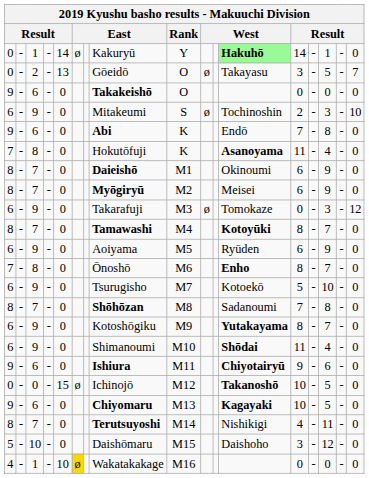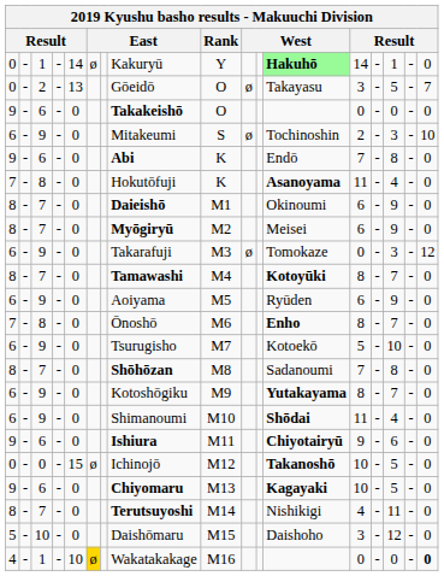 <table class="wikitable">
 <tr>
 <th colspan="17">2019 Kyushu basho results  - Makuuchi Division</th>
 </tr>
 <tr>
 <th colspan="5">Result</th>
 <th colspan="3">East</th>
 <th>Rank</th>
 <th colspan="3">West</th>
 <th colspan="5">Result</th>
 </tr>
 <tr>
 <td align=center>0</td>
 <td align=center>-</td>
 <td align=center>1</td>
 <td align=center>-</td>
 <td align=center>14</td>
 <td align=center>ø</td>
 <td align=center></td>
 <td>Kakuryū</td>
 <td align=center>Y</td>
 <td align=center></td>
 <td align=center></td>
 <td style="background: PaleGreen;"><strong>Hakuhō</strong></td>
 <td align=center>14</td>
 <td align=center>-</td>
 <td align=center>1</td>
 <td align=center>-</td>
 <td align=center>0</td>
 </tr>
 <tr>
 <td align=center>0</td>
 <td align=center>-</td>
 <td align=center>2</td>
 <td align=center>-</td>
 <td align=center>13</td>
 <td align=center></td>
 <td align=center></td>
 <td>Gōeidō</td>
 <td align=center>O</td>
 <td align=center>ø</td>
 <td align=center></td>
 <td>Takayasu</td>
 <td align=center>3</td>
 <td align=center>-</td>
 <td align=center>5</td>
 <td align=center>-</td>
 <td align=center>7</td>
 </tr>
 <tr>
 <td align=center>9</td>
 <td align=center>-</td>
 <td align=center>6</td>
 <td align=center>-</td>
 <td align=center>0</td>
 <td align=center></td>
 <td align=center></td>
 <td><strong>Takakeishō</strong></td>
 <td align=center>O</td>
 <td align=center></td>
 <td align=center></td>
 <td></td>
 <td align=center>0</td>
 <td align=center>-</td>
 <td align=center>0</td>
 <td align=center>-</td>
 <td align=center>0</td>
 </tr>
 <tr>
 <td align=center>6</td>
 <td align=center>-</td>
 <td align=center>9</td>
 <td align=center>-</td>
 <td align=center>0</td>
 <td align=center></td>
 <td align=center></td>
 <td>Mitakeumi</td>
 <td align=center>S</td>
 <td align=center>ø</td>
 <td align=center></td>
 <td>Tochinoshin</td>
 <td align=center>2</td>
 <td align=center>-</td>
 <td align=center>3</td>
 <td align=center>-</td>
 <td align=center>10</td>
 </tr>
 <tr>
 <td align=center>9</td>
 <td align=center>-</td>
 <td align=center>6</td>
 <td align=center>-</td>
 <td align=center>0</td>
 <td align=center></td>
 <td align=center></td>
 <td><strong>Abi</strong></td>
 <td align=center>K</td>
 <td align=center></td>
 <td align=center></td>
 <td>Endō</td>
 <td align=center>7</td>
 <td align=center>-</td>
 <td align=center>8</td>
 <td align=center>-</td>
 <td align=center>0</td>
 </tr>
 <tr>
 <td align=center>7</td>
 <td align=center>-</td>
 <td align=center>8</td>
 <td align=center>-</td>
 <td align=center>0</td>
 <td align=center></td>
 <td align=center></td>
 <td>Hokutōfuji</td>
 <td align=center>K</td>
 <td align=center></td>
 <td align=center></td>
 <td><strong>Asanoyama</strong></td>
 <td align=center>11</td>
 <td align=center>-</td>
 <td align=center>4</td>
 <td align=center>-</td>
 <td align=center>0</td>
 </tr>
 <tr>
 <td align=center>8</td>
 <td align=center>-</td>
 <td align=center>7</td>
 <td align=center>-</td>
 <td align=center>0</td>
 <td align=center></td>
 <td align=center></td>
 <td><strong>Daieishō</strong></td>
 <td align=center>M1</td>
 <td align=center></td>
 <td align=center></td>
 <td>Okinoumi</td>
 <td align=center>6</td>
 <td align=center>-</td>
 <td align=center>9</td>
 <td align=center>-</td>
 <td align=center>0</td>
 </tr>
 <tr>
 <td align=center>8</td>
 <td align=center>-</td>
 <td align=center>7</td>
 <td align=center>-</td>
 <td align=center>0</td>
 <td align=center></td>
 <td align=center></td>
 <td><strong>Myōgiryū</strong></td>
 <td align=center>M2</td>
 <td align=center></td>
 <td align=center></td>
 <td>Meisei</td>
 <td align=center>6</td>
 <td align=center>-</td>
 <td align=center>9</td>
 <td align=center>-</td>
 <td align=center>0</td>
 </tr>
 <tr>
 <td align=center>6</td>
 <td align=center>-</td>
 <td align=center>9</td>
 <td align=center>-</td>
 <td align=center>0</td>
 <td align=center></td>
 <td align=center></td>
 <td>Takarafuji</td>
 <td align=center>M3</td>
 <td align=center>ø</td>
 <td align=center></td>
 <td>Tomokaze</td>
 <td align=center>0</td>
 <td align=center>-</td>
 <td align=center>3</td>
 <td align=center>-</td>
 <td align=center>12</td>
 </tr>
 <tr>
 <td align=center>8</td>
 <td align=center>-</td>
 <td align=center>7</td>
 <td align=center>-</td>
 <td align=center>0</td>
 <td align=center></td>
 <td align=center></td>
 <td><strong>Tamawashi</strong></td>
 <td align=center>M4</td>
 <td align=center></td>
 <td align=center></td>
 <td><strong>Kotoyūki</strong></td>
 <td align=center>8</td>
 <td align=center>-</td>
 <td align=center>7</td>
 <td align=center>-</td>
 <td align=center>0</td>
 </tr>
 <tr>
 <td align=center>6</td>
 <td align=center>-</td>
 <td align=center>9</td>
 <td align=center>-</td>
 <td align=center>0</td>
 <td align=center></td>
 <td align=center></td>
 <td>Aoiyama</td>
 <td align=center>M5</td>
 <td align=center></td>
 <td align=center></td>
 <td>Ryūden</td>
 <td align=center>6</td>
 <td align=center>-</td>
 <td align=center>9</td>
 <td align=center>-</td>
 <td align=center>0</td>
 </tr>
 <tr>
 <td align=center>7</td>
 <td align=center>-</td>
 <td align=center>8</td>
 <td align=center>-</td>
 <td align=center>0</td>
 <td align=center></td>
 <td align=center></td>
 <td>Ōnoshō</td>
 <td align=center>M6</td>
 <td align=center></td>
 <td align=center></td>
 <td><strong>Enho</strong></td>
 <td align=center>8</td>
 <td align=center>-</td>
 <td align=center>7</td>
 <td align=center>-</td>
 <td align=center>0</td>
 </tr>
 <tr>
 <td align=center>6</td>
 <td align=center>-</td>
 <td align=center>9</td>
 <td align=center>-</td>
 <td align=center>0</td>
 <td align=center></td>
 <td align=center></td>
 <td>Tsurugisho</td>
 <td align=center>M7</td>
 <td align=center></td>
 <td align=center></td>
 <td>Kotoekō</td>
 <td align=center>5</td>
 <td align=center>-</td>
 <td align=center>10</td>
 <td align=center>-</td>
 <td align=center>0</td>
 </tr>
 <tr>
 <td align=center>8</td>
 <td align=center>-</td>
 <td align=center>7</td>
 <td align=center>-</td>
 <td align=center>0</td>
 <td align=center></td>
 <td align=center></td>
 <td><strong>Shōhōzan</strong></td>
 <td align=center>M8</td>
 <td align=center></td>
 <td align=center></td>
 <td>Sadanoumi</td>
 <td align=center>7</td>
 <td align=center>-</td>
 <td align=center>8</td>
 <td align=center>-</td>
 <td align=center>0</td>
 </tr>
 <tr>
 <td align=center>6</td>
 <td align=center>-</td>
 <td align=center>9</td>
 <td align=center>-</td>
 <td align=center>0</td>
 <td align=center></td>
 <td align=center></td>
 <td>Kotoshōgiku</td>
 <td align=center>M9</td>
 <td align=center></td>
 <td align=center></td>
 <td><strong>Yutakayama</strong></td>
 <td align=center>8</td>
 <td align=center>-</td>
 <td align=center>7</td>
 <td align=center>-</td>
 <td align=center>0</td>
 </tr>
 <tr>
 <td align=center>6</td>
 <td align=center>-</td>
 <td align=center>9</td>
 <td align=center>-</td>
 <td align=center>0</td>
 <td align=center></td>
 <td align=center></td>
 <td>Shimanoumi</td>
 <td align=center>M10</td>
 <td align=center></td>
 <td align=center></td>
 <td><strong>Shōdai</strong></td>
 <td align=center>11</td>
 <td align=center>-</td>
 <td align=center>4</td>
 <td align=center>-</td>
 <td align=center>0</td>
 </tr>
 <tr>
 <td align=center>9</td>
 <td align=center>-</td>
 <td align=center>6</td>
 <td align=center>-</td>
 <td align=center>0</td>
 <td align=center></td>
 <td align=center></td>
 <td><strong>Ishiura</strong></td>
 <td align=center>M11</td>
 <td align=center></td>
 <td align=center></td>
 <td><strong>Chiyotairyū</strong></td>
 <td align=center>9</td>
 <td align=center>-</td>
 <td align=center>6</td>
 <td align=center>-</td>
 <td align=center>0</td>
 </tr>
 <tr>
 <td align=center>0</td>
 <td align=center>-</td>
 <td align=center>0</td>
 <td align=center>-</td>
 <td align=center>15</td>
 <td align=center>ø</td>
 <td align=center></td>
 <td>Ichinojō</td>
 <td align=center>M12</td>
 <td align=center></td>
 <td align=center></td>
 <td><strong>Takanoshō</strong></td>
 <td align=center>10</td>
 <td align=center>-</td>
 <td align=center>5</td>
 <td align=center>-</td>
 <td align=center>0</td>
 </tr>
 <tr>
 <td align=center>9</td>
 <td align=center>-</td>
 <td align=center>6</td>
 <td align=center>-</td>
 <td align=center>0</td>
 <td align=center></td>
 <td align=center></td>
 <td><strong>Chiyomaru</strong></td>
 <td align=center>M13</td>
 <td align=center></td>
 <td align=center></td>
 <td><strong>Kagayaki</strong></td>
 <td align=center>10</td>
 <td align=center>-</td>
 <td align=center>5</td>
 <td align=center>-</td>
 <td align=center>0</td>
 </tr>
 <tr>
 <td align=center>8</td>
 <td align=center>-</td>
 <td align=center>7</td>
 <td align=center>-</td>
 <td align=center>0</td>
 <td align=center></td>
 <td align=center></td>
 <td><strong>Terutsuyoshi</strong></td>
 <td align=center>M14</td>
 <td align=center></td>
 <td align=center></td>
 <td>Nishikigi</td>
 <td align=center>4</td>
 <td align=center>-</td>
 <td align=center>11</td>
 <td align=center>-</td>
 <td align=center>0</td>
 </tr>
 <tr>
 <td align=center>5</td>
 <td align=center>-</td>
 <td align=center>10</td>
 <td align=center>-</td>
 <td align=center>0</td>
 <td align=center></td>
 <td align=center></td>
 <td>Daishōmaru</td>
 <td align=center>M15</td>
 <td align=center></td>
 <td align=center></td>
 <td>Daishoho</td>
 <td align=center>3</td>
 <td align=center>-</td>
 <td align=center>12</td>
 <td align=center>-</td>
 <td align=center>0</td>
 </tr>
 <tr>
 <td align=center>4</td>
 <td align=center>-</td>
 <td align=center>1</td>
 <td align=center>-</td>
 <td align=center>10</td>
 <td align=center style="background: gold;">ø</td>
 <td align=center></td>
 <td>Wakatakakage</td>
 <td align=center>M16</td>
 <td align=center></td>
 <td align=center></td>
 <td></td>
 <td align=center>0</td>
 <td align=center>-</td>
 <td align=center>0</td>
 <td align=center>-</td>
-<td align=center>0</td>
+<td align=center><strong>0</strong></td>
 </tr>
 </table>
